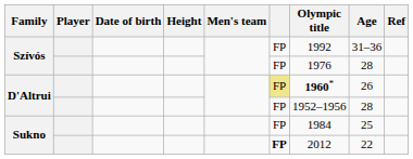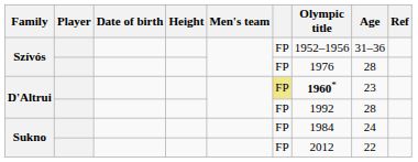 <table class="wikitable sortable sticky-header" style="text-align: center; font-size: 100%; margin-left: 1em;">
 <tr>
 <th scope="col">Family</th>
 <th scope="col">Player</th>
 <th scope="col">Date of birth</th>
 <th scope="col">Height</th>
 <th scope="col">Men's team</th>
 <th scope="col"></th>
 <th scope="col">Olympic<br>title</th>
 <th scope="col">Age</th>
 <th scope="col" class="unsortable">Ref</th>
 </tr>
 <tr>
 <th scope="rowgroup" rowspan="2">Szívós</th>
 <th scope="row" style="text-align: right; font-weight: normal;"></th>
 <td style="text-align: right;"></td>
 <td style="text-align: left;"></td>
 <td rowspan="2" style="text-align: left;"></td>
 <td>FP</td>
-<td>1992</td>
+<td>1952–1956</td>
 <td>31–36</td>
 <td></td>
 </tr>
 <tr>
 <th scope="row" style="text-align: right; font-weight: normal;"></th>
 <td style="text-align: right;"></td>
 <td style="text-align: left;"></td>
 <td>FP</td>
 <td>1976</td>
 <td>28</td>
 <td></td>
 </tr>
 <tr>
 <th scope="rowgroup" rowspan="2">D'Altrui</th>
 <th scope="row" style="text-align: right; font-weight: normal;"></th>
 <td style="text-align: right;"></td>
 <td style="text-align: left;"></td>
 <td rowspan="2" style="text-align: left;"></td>
 <td style="background: khaki;">FP</td>
 <td><strong>1960</strong><sup>*</sup></td>
-<td>26</td>
+<td>23</td>
 <td></td>
 </tr>
 <tr>
 <th scope="row" style="text-align: right; font-weight: normal;"></th>
 <td style="text-align: right;"></td>
 <td style="text-align: left;"></td>
 <td>FP</td>
-<td>1952–1956</td>
+<td>1992</td>
 <td>28</td>
 <td></td>
 </tr>
 <tr>
 <th scope="rowgroup" rowspan="2">Sukno</th>
 <th scope="row" style="text-align: right; font-weight: normal;"></th>
 <td style="text-align: right;"></td>
 <td style="text-align: left;"></td>
 <td style="text-align: left;"></td>
 <td>FP</td>
 <td>1984</td>
-<td>25</td>
+<td>24</td>
 <td></td>
 </tr>
 <tr>
 <th scope="row" style="text-align: right; font-weight: normal;"></th>
 <td style="text-align: right;"></td>
 <td style="text-align: left;"></td>
 <td style="text-align: left;"></td>
-<td><strong>FP</strong></td>
+<td>FP</td>
 <td>2012</td>
 <td>22</td>
 <td></td>
 </tr>
 </table>
